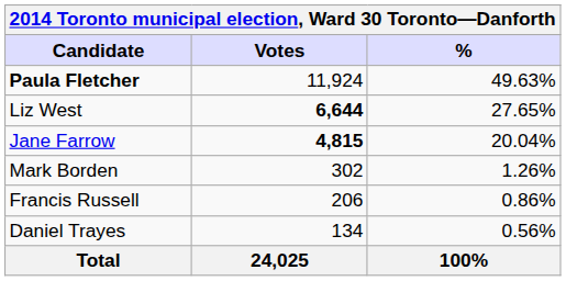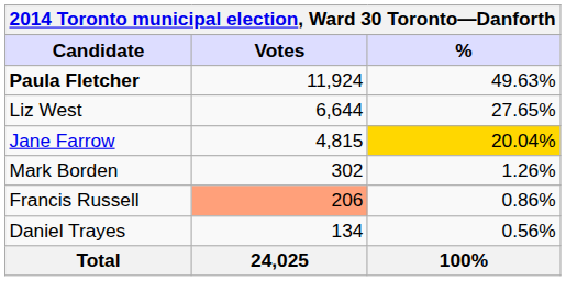 <table class="wikitable">
 <tr>
 <th colspan="3"><a href='#'>2014 Toronto municipal election</a>, Ward 30 Toronto—Danforth</th>
 </tr>
 <tr>
 <th style="background:#ddf; width:150px;">Candidate</th>
 <th style="background:#ddf;">Votes</th>
 <th style="background:#ddf;">%</th>
 </tr>
 <tr>
 <td><strong>Paula Fletcher</strong></td>
 <td align="right">11,924</td>
 <td align="right">49.63%</td>
 </tr>
 <tr>
 <td>Liz West</td>
-<td align="right"><strong>6,644</strong></td>
+<td align="right">6,644</td>
 <td align="right">27.65%</td>
 </tr>
 <tr>
 <td><a href='#'>Jane Farrow</a></td>
-<td align="right"><strong>4,815</strong></td>
-<td align="right">20.04%</td>
+<td align="right">4,815</td>
+<td align="right" style="background: gold;">20.04%</td>
 </tr>
 <tr>
 <td>Mark Borden</td>
 <td align="right">302</td>
 <td align="right">1.26%</td>
 </tr>
 <tr>
 <td>Francis Russell</td>
-<td align="right">206</td>
+<td align="right" style="background: lightsalmon;">206</td>
 <td align="right">0.86%</td>
 </tr>
 <tr>
 <td>Daniel Trayes</td>
 <td align="right">134</td>
 <td align="right">0.56%</td>
 </tr>
 <tr>
 <th>Total</th>
 <th align="right">24,025</th>
 <th align="right">100%</th>
 </tr>
 </table>
